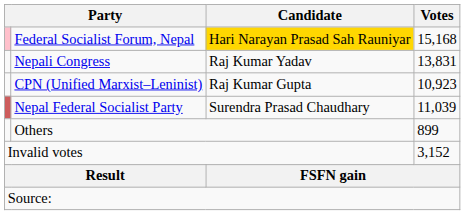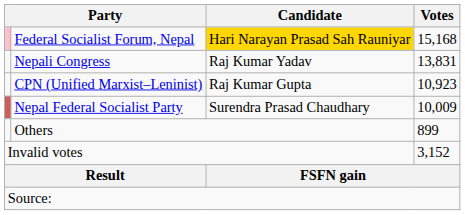 <table class="wikitable">
 <tr>
 <th colspan="2">Party</th>
 <th>Candidate</th>
 <th>Votes</th>
 </tr>
 <tr>
 <td style="background-color:pink"></td>
 <td><a href='#'>Federal Socialist Forum, Nepal</a></td>
 <td style="background: gold;">Hari Narayan Prasad Sah Rauniyar</td>
 <td>15,168</td>
 </tr>
 <tr>
 <td style="background-color:"></td>
 <td><a href='#'>Nepali Congress</a></td>
 <td>Raj Kumar Yadav</td>
 <td>13,831</td>
 </tr>
 <tr>
 <td style="background-color:"></td>
 <td><a href='#'>CPN (Unified Marxist–Leninist)</a></td>
 <td>Raj Kumar Gupta</td>
 <td>10,923</td>
 </tr>
 <tr>
 <td style="background-color:#CD5C5C"></td>
 <td><a href='#'>Nepal Federal Socialist Party</a></td>
 <td>Surendra Prasad Chaudhary</td>
-<td>11,039</td>
+<td>10,009</td>
 </tr>
 <tr>
 <td></td>
 <td colspan="2">Others</td>
 <td>899</td>
 </tr>
 <tr>
 <td colspan="3">Invalid votes</td>
 <td>3,152</td>
 </tr>
 <tr>
 <th colspan="2">Result</th>
 <th colspan="2">FSFN gain</th>
 </tr>
 <tr>
 <td colspan="4">Source: </td>
 </tr>
 </table>
